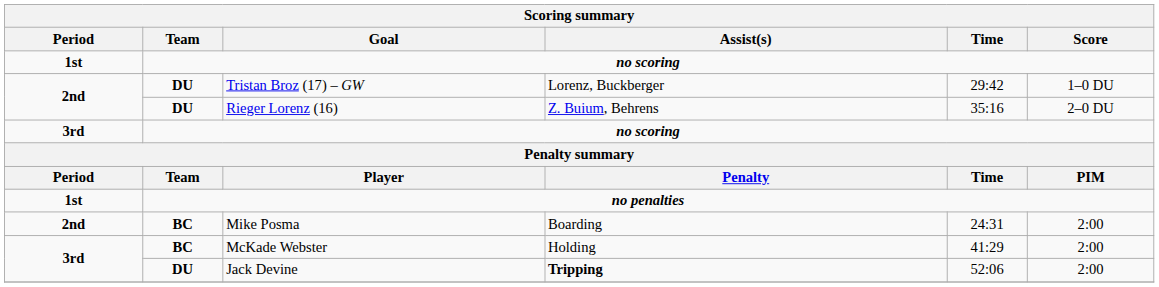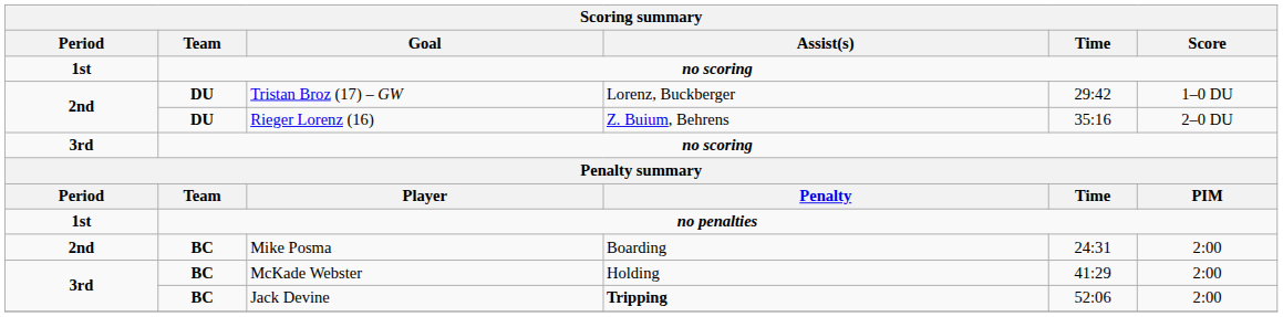 <table style="width:100%;" class="wikitable">
 <tr>
 <th colspan=6>Scoring summary</th>
 </tr>
 <tr>
 <th style="width:12%;">Period</th>
 <th style="width:7%;">Team</th>
 <th style="width:28%;">Goal</th>
 <th style="width:35%;">Assist(s)</th>
 <th style="width:7%;">Time</th>
 <th style="width:11%;">Score</th>
 </tr>
 <tr>
 <td style="text-align:center;" rowspan="1"><strong>1st</strong></td>
 <td style="text-align:center;" colspan=5><strong><em>no scoring</em></strong></td>
 </tr>
 <tr>
 <td style="text-align:center;" rowspan="2"><strong>2nd</strong></td>
 <td align=center><strong>DU</strong></td>
 <td><a href='#'>Tristan Broz</a> (17) – <em>GW</em></td>
 <td>Lorenz, Buckberger</td>
 <td align=center>29:42</td>
 <td align=center>1–0 DU</td>
 </tr>
 <tr>
 <td align=center><strong>DU</strong></td>
 <td><a href='#'>Rieger Lorenz</a> (16)</td>
 <td><a href='#'>Z. Buium</a>, Behrens</td>
 <td align=center>35:16</td>
 <td align=center>2–0 DU</td>
 </tr>
 <tr>
 <td style="text-align:center;" rowspan="1"><strong>3rd</strong></td>
 <td style="text-align:center;" colspan=5><strong><em>no scoring</em></strong></td>
 </tr>
 <tr>
 <th colspan=6>Penalty summary</th>
 </tr>
 <tr>
 <th style="width:12%;">Period</th>
 <th style="width:7%;">Team</th>
 <th style="width:28%;">Player</th>
 <th style="width:35%;"><a href='#'>Penalty</a></th>
 <th style="width:7%;">Time</th>
 <th style="width:11%;">PIM</th>
 </tr>
 <tr>
 <td style="text-align:center;" rowspan="1"><strong>1st</strong></td>
 <td style="text-align:center;" colspan=5><strong><em>no penalties</em></strong></td>
 </tr>
 <tr>
 <td style="text-align:center;" rowspan="1"><strong>2nd</strong></td>
 <td align=center><strong>BC</strong></td>
 <td>Mike Posma</td>
 <td>Boarding</td>
 <td align=center>24:31</td>
 <td align=center>2:00</td>
 </tr>
 <tr>
 <td style="text-align:center;" rowspan="2"><strong>3rd</strong></td>
 <td align=center><strong>BC</strong></td>
 <td>McKade Webster</td>
 <td>Holding</td>
 <td align=center>41:29</td>
 <td align=center>2:00</td>
 </tr>
 <tr>
-<td align=center><strong>DU</strong></td>
+<td align=center><strong>BC</strong></td>
 <td>Jack Devine</td>
 <td><strong>Tripping</strong></td>
 <td align=center>52:06</td>
 <td align=center>2:00</td>
 </tr>
 <tr>
 </tr>
 </table>
